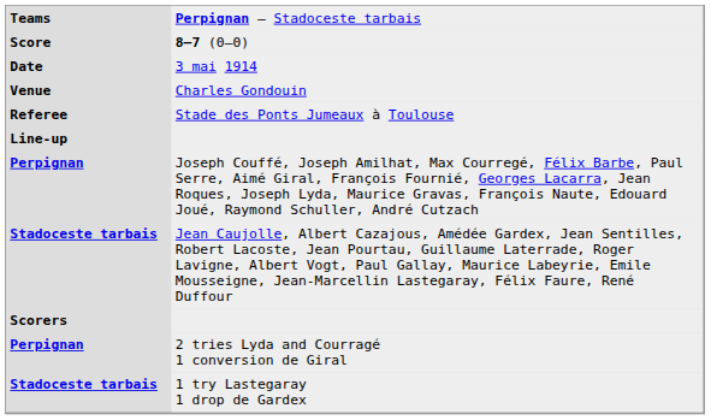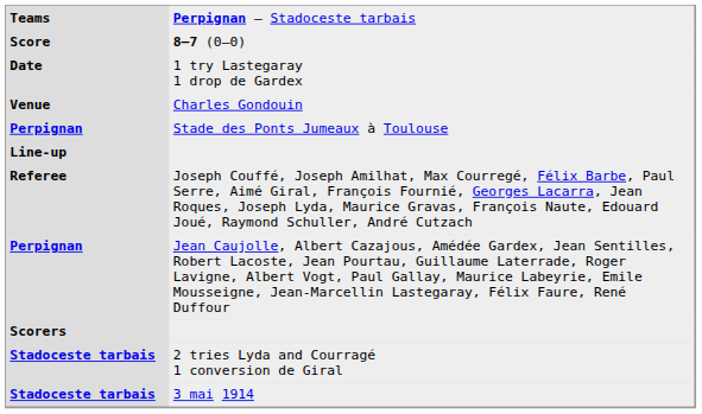 <table align="left" cellpadding="4" cellspacing="0"  style="margin: 0 0 0 0; border: 1px solid #999; border-right-width: 2px; border-bottom-width: 2px; background-color: #DDDDDD">
 <tr>
 <td width="150" valign="top"><strong>Teams</strong></td>
 <td width="500" bgcolor=#EEEEEE><strong><a href='#'>Perpignan</a></strong> – <a href='#'>Stadoceste tarbais</a></td>
 </tr>
 <tr>
 <td valign="top"><strong>Score</strong></td>
 <td bgcolor=#EEEEEE><strong>8–7</strong> (0–0)</td>
 </tr>
 <tr>
 <td valign="top"><strong>Date</strong></td>
-<td bgcolor=#EEEEEE><a href='#'>3 mai</a> <a href='#'>1914</a></td>
+<td bgcolor=#EEEEEE>1 try Lastegaray<br>1 drop de Gardex</td>
 </tr>
 <tr>
 <td valign="top"><strong>Venue</strong></td>
 <td bgcolor=#EEEEEE><a href='#'>Charles Gondouin</a></td>
 </tr>
 <tr>
-<td valign="top"><strong>Referee</strong></td>
+<td valign="top"><strong><a href='#'>Perpignan</a> </strong></td>
 <td bgcolor=#EEEEEE><a href='#'>Stade des Ponts Jumeaux</a> à <a href='#'>Toulouse</a></td>
 </tr>
 <tr>
 <td valign="top"><strong>Line-up</strong></td>
 <td bgcolor=#EEEEEE></td>
 </tr>
 <tr>
-<td valign="top"><strong><a href='#'>Perpignan</a> </strong></td>
+<td valign="top"><strong>Referee</strong></td>
 <td bgcolor=#EEEEEE>Joseph Couffé, Joseph Amilhat, Max Courregé, <a href='#'>Félix Barbe</a>, Paul Serre, Aimé Giral, François Fournié, <a href='#'>Georges Lacarra</a>, Jean Roques, Joseph Lyda, Maurice Gravas, François Naute, Edouard Joué, Raymond Schuller, André Cutzach</td>
 </tr>
 <tr>
-<td valign="top"><strong><a href='#'>Stadoceste tarbais</a></strong></td>
+<td valign="top"><strong><a href='#'>Perpignan</a> </strong></td>
 <td bgcolor=#EEEEEE><a href='#'>Jean Caujolle</a>, Albert Cazajous, Amédée Gardex, Jean Sentilles, Robert Lacoste, Jean Pourtau, Guillaume Laterrade, Roger Lavigne, Albert Vogt, Paul Gallay, Maurice Labeyrie, Emile Mousseigne, Jean-Marcellin Lastegaray, Félix Faure, René Duffour</td>
 </tr>
 <tr>
 <td valign="top"><strong>Scorers</strong></td>
 <td bgcolor=#EEEEEE></td>
 </tr>
 <tr>
-<td valign="top"><strong><a href='#'>Perpignan</a> </strong></td>
+<td valign="top"><strong><a href='#'>Stadoceste tarbais</a></strong></td>
 <td bgcolor=#EEEEEE>2 tries Lyda and Courragé<br>1 conversion de Giral</td>
 </tr>
 <tr>
 <td valign="top"><strong><a href='#'>Stadoceste tarbais</a></strong></td>
-<td bgcolor=#EEEEEE>1 try Lastegaray<br>1 drop de Gardex</td>
+<td bgcolor=#EEEEEE><a href='#'>3 mai</a> <a href='#'>1914</a></td>
 </tr>
 </table>
